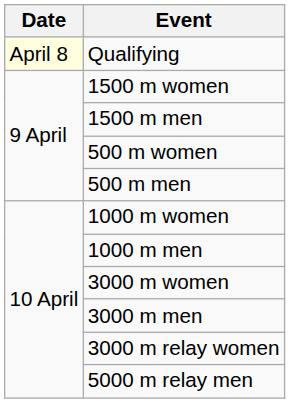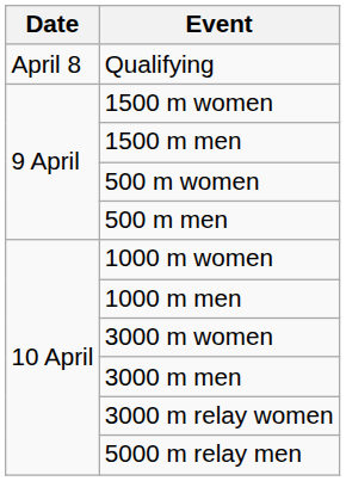 <table class="wikitable" border="1">
 <tr>
 <th>Date</th>
 <th>Event</th>
 </tr>
 <tr>
-<td style="background: lightyellow;">April 8</td>
+<td>April 8</td>
 <td>Qualifying</td>
 </tr>
 <tr>
 <td rowspan=4>9 April</td>
 <td>1500 m women</td>
 </tr>
 <tr>
 <td>1500 m men</td>
 </tr>
 <tr>
 <td>500 m women</td>
 </tr>
 <tr>
 <td>500 m men</td>
 </tr>
 <tr>
 <td rowspan=6>10 April</td>
 <td>1000 m women</td>
 </tr>
 <tr>
 <td>1000 m men</td>
 </tr>
 <tr>
 <td>3000 m women</td>
 </tr>
 <tr>
 <td>3000 m men</td>
 </tr>
 <tr>
 <td>3000 m relay women</td>
 </tr>
 <tr>
 <td>5000 m relay men</td>
 </tr>
 </table>
